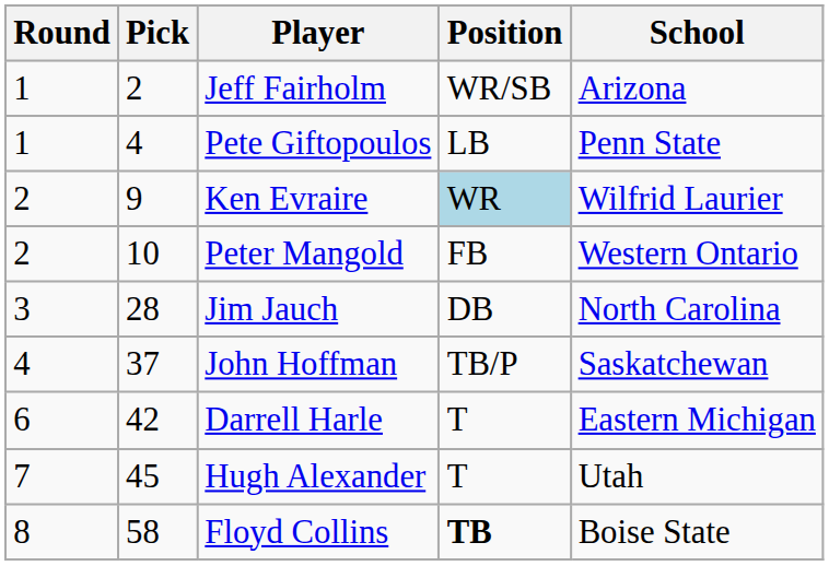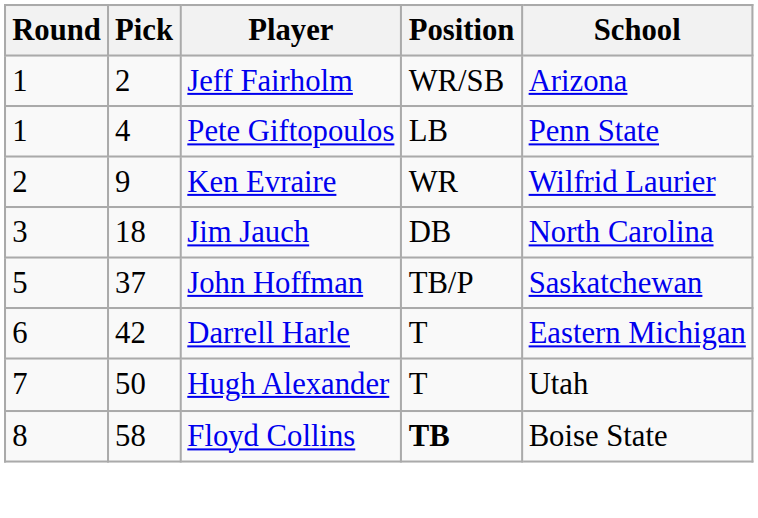 <table class="wikitable" style="font-size: 95%;">
 <tr>
 <th scope="col">Round</th>
 <th scope="col">Pick</th>
 <th scope="col">Player</th>
 <th scope="col">Position</th>
 <th scope="col">School</th>
 </tr>
 <tr>
 <td>1</td>
 <td>2</td>
 <td><a href='#'>Jeff Fairholm</a></td>
 <td>WR/SB</td>
 <td><a href='#'>Arizona</a></td>
 </tr>
 <tr>
 <td>1</td>
 <td>4</td>
 <td><a href='#'>Pete Giftopoulos</a></td>
 <td>LB</td>
 <td><a href='#'>Penn State</a></td>
 </tr>
 <tr>
 <td>2</td>
 <td>9</td>
 <td><a href='#'>Ken Evraire</a></td>
-<td style="background: lightblue;">WR</td>
+<td>WR</td>
 <td><a href='#'>Wilfrid Laurier</a></td>
 </tr>
 <tr>
-<td>2</td>
-<td>10</td>
-<td><a href='#'>Peter Mangold</a></td>
-<td>FB</td>
-<td><a href='#'>Western Ontario</a></td>
-</tr>
-<tr>
 <td>3</td>
-<td>28</td>
+<td>18</td>
 <td><a href='#'>Jim Jauch</a></td>
 <td>DB</td>
 <td><a href='#'>North Carolina</a></td>
 </tr>
 <tr>
-<td>4</td>
+<td>5</td>
 <td>37</td>
 <td><a href='#'>John Hoffman</a></td>
 <td>TB/P</td>
 <td><a href='#'>Saskatchewan</a></td>
 </tr>
 <tr>
 <td>6</td>
 <td>42</td>
 <td><a href='#'>Darrell Harle</a></td>
 <td>T</td>
 <td><a href='#'>Eastern Michigan</a></td>
 </tr>
 <tr>
 <td>7</td>
-<td>45</td>
+<td>50</td>
 <td><a href='#'>Hugh Alexander</a></td>
 <td>T</td>
 <td>Utah</td>
 </tr>
 <tr>
 <td>8</td>
 <td>58</td>
 <td><a href='#'>Floyd Collins</a></td>
 <td><strong>TB</strong></td>
 <td>Boise State</td>
 </tr>
 </table>
